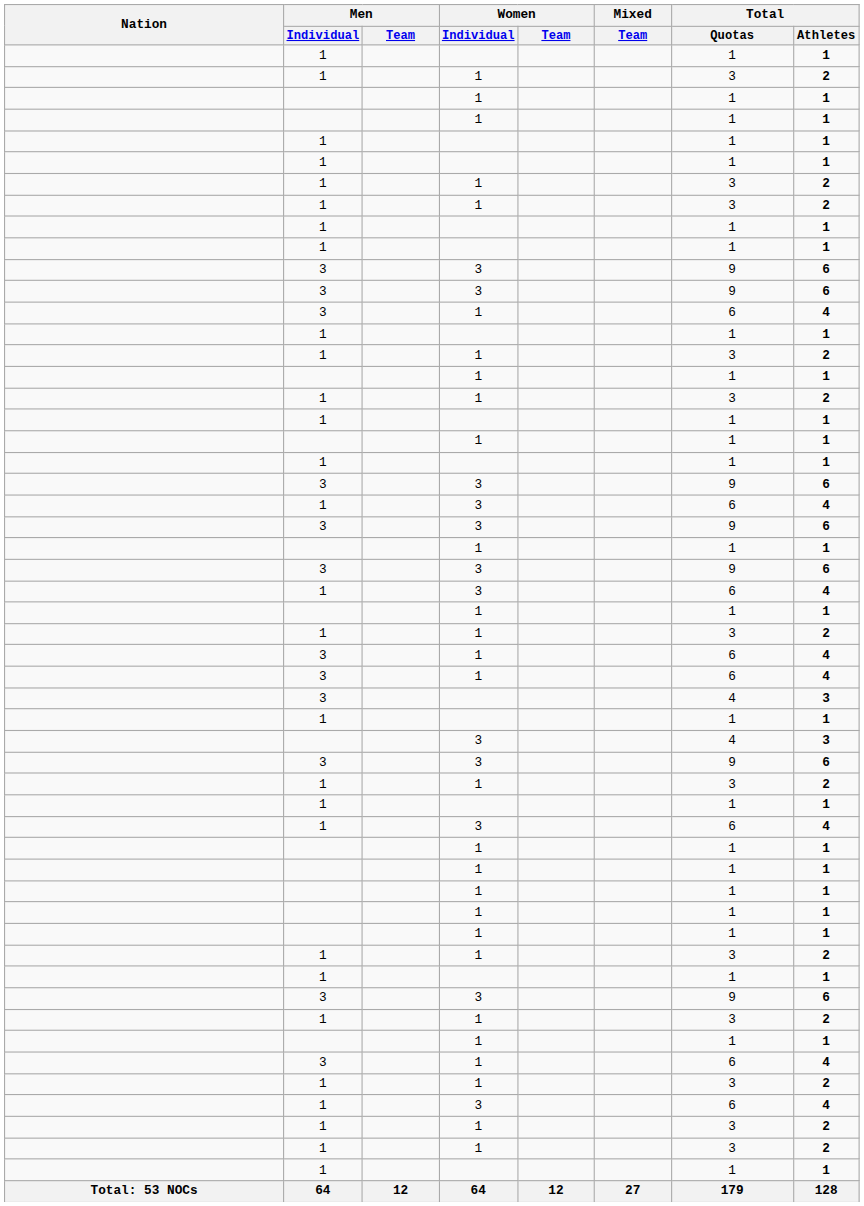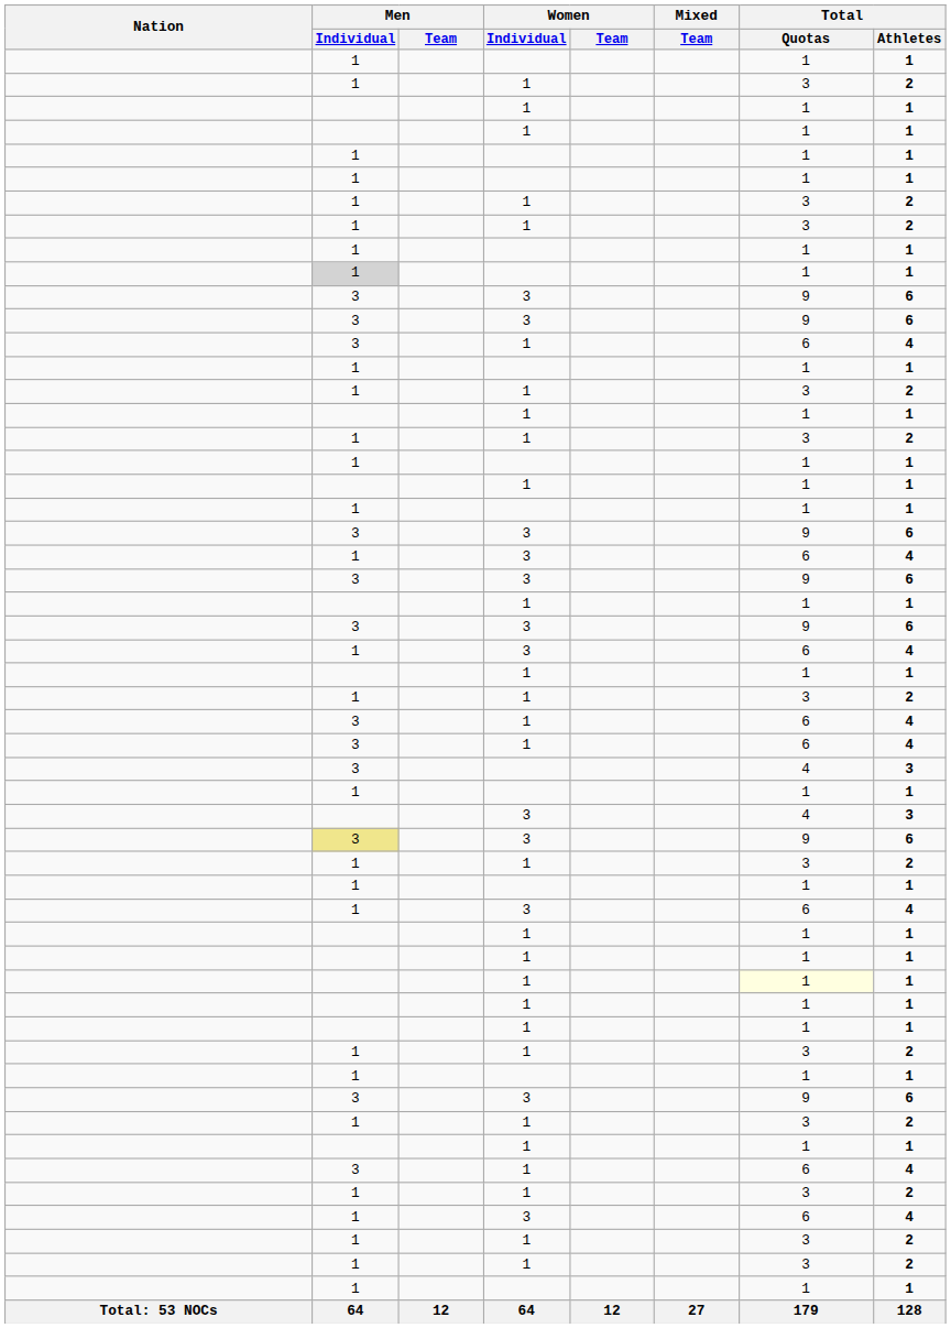 <table class="wikitable sortable" style="text-align:center; font-size:90%" width=785>
 <tr>
 <th rowspan="2" style="text-align:center;">Nation</th>
 <th colspan="2">Men</th>
 <th colspan="2">Women</th>
 <th>Mixed</th>
 <th colspan="2">Total</th>
 </tr>
 <tr style="font-size: 95%;">
 <th width=65><a href='#'>Individual</a></th>
 <th width=65><a href='#'>Team</a></th>
 <th width=65><a href='#'>Individual</a></th>
 <th width=65><a href='#'>Team</a></th>
 <th width=65><a href='#'>Team</a></th>
 <th>Quotas</th>
 <th width="55">Athletes</th>
 </tr>
 <tr>
 <td align=left></td>
 <td>1</td>
 <td></td>
 <td></td>
 <td></td>
 <td></td>
 <td>1</td>
 <td><strong>1</strong></td>
 </tr>
 <tr>
 <td align=left></td>
 <td>1</td>
 <td></td>
 <td>1</td>
 <td></td>
 <td></td>
 <td>3</td>
 <td><strong>2</strong></td>
 </tr>
 <tr>
 <td align=left></td>
 <td></td>
 <td></td>
 <td>1</td>
 <td></td>
 <td></td>
 <td>1</td>
 <td><strong>1</strong></td>
 </tr>
 <tr>
 <td align=left></td>
 <td></td>
 <td></td>
 <td>1</td>
 <td></td>
 <td></td>
 <td>1</td>
 <td><strong>1</strong></td>
 </tr>
 <tr>
 <td align=left></td>
 <td>1</td>
 <td></td>
 <td></td>
 <td></td>
 <td></td>
 <td>1</td>
 <td><strong>1</strong></td>
 </tr>
 <tr>
 <td align=left></td>
 <td>1</td>
 <td></td>
 <td></td>
 <td></td>
 <td></td>
 <td>1</td>
 <td><strong>1</strong></td>
 </tr>
 <tr>
 <td align=left></td>
 <td>1</td>
 <td></td>
 <td>1</td>
 <td></td>
 <td></td>
 <td>3</td>
 <td><strong>2</strong></td>
 </tr>
 <tr>
 <td align=left></td>
 <td>1</td>
 <td></td>
 <td>1</td>
 <td></td>
 <td></td>
 <td>3</td>
 <td><strong>2</strong></td>
 </tr>
 <tr>
 <td align=left></td>
 <td>1</td>
 <td></td>
 <td></td>
 <td></td>
 <td></td>
 <td>1</td>
 <td><strong>1</strong></td>
 </tr>
 <tr>
 <td align=left></td>
-<td>1</td>
+<td style="background: lightgrey;">1</td>
 <td></td>
 <td></td>
 <td></td>
 <td></td>
 <td>1</td>
 <td><strong>1</strong></td>
 </tr>
 <tr>
 <td align=left></td>
 <td>3</td>
 <td></td>
 <td>3</td>
 <td></td>
 <td></td>
 <td>9</td>
 <td><strong>6</strong></td>
 </tr>
 <tr>
 <td align=left></td>
 <td>3</td>
 <td></td>
 <td>3</td>
 <td></td>
 <td></td>
 <td>9</td>
 <td><strong>6</strong></td>
 </tr>
 <tr>
 <td align=left></td>
 <td>3</td>
 <td></td>
 <td>1</td>
 <td></td>
 <td></td>
 <td>6</td>
 <td><strong>4</strong></td>
 </tr>
 <tr>
 <td align=left></td>
 <td>1</td>
 <td></td>
 <td></td>
 <td></td>
 <td></td>
 <td>1</td>
 <td><strong>1</strong></td>
 </tr>
 <tr>
 <td align=left></td>
 <td>1</td>
 <td></td>
 <td>1</td>
 <td></td>
 <td></td>
 <td>3</td>
 <td><strong>2</strong></td>
 </tr>
 <tr>
 <td align=left></td>
 <td></td>
 <td></td>
 <td>1</td>
 <td></td>
 <td></td>
 <td>1</td>
 <td><strong>1</strong></td>
 </tr>
 <tr>
 <td align=left></td>
 <td>1</td>
 <td></td>
 <td>1</td>
 <td></td>
 <td></td>
 <td>3</td>
 <td><strong>2</strong></td>
 </tr>
 <tr>
 <td align=left></td>
 <td>1</td>
 <td></td>
 <td></td>
 <td></td>
 <td></td>
 <td>1</td>
 <td><strong>1</strong></td>
 </tr>
 <tr>
 <td align=left></td>
 <td></td>
 <td></td>
 <td>1</td>
 <td></td>
 <td></td>
 <td>1</td>
 <td><strong>1</strong></td>
 </tr>
 <tr>
 <td align=left></td>
 <td>1</td>
 <td></td>
 <td></td>
 <td></td>
 <td></td>
 <td>1</td>
 <td><strong>1</strong></td>
 </tr>
 <tr>
 <td align=left></td>
 <td>3</td>
 <td></td>
 <td>3</td>
 <td></td>
 <td></td>
 <td>9</td>
 <td><strong>6</strong></td>
 </tr>
 <tr>
 <td align=left></td>
 <td>1</td>
 <td></td>
 <td>3</td>
 <td></td>
 <td></td>
 <td>6</td>
 <td><strong>4</strong></td>
 </tr>
 <tr>
 <td align=left></td>
 <td>3</td>
 <td></td>
 <td>3</td>
 <td></td>
 <td></td>
 <td>9</td>
 <td><strong>6</strong></td>
 </tr>
 <tr>
 <td align=left></td>
 <td></td>
 <td></td>
 <td>1</td>
 <td></td>
 <td></td>
 <td>1</td>
 <td><strong>1</strong></td>
 </tr>
 <tr>
 <td align=left></td>
 <td>3</td>
 <td></td>
 <td>3</td>
 <td></td>
 <td></td>
 <td>9</td>
 <td><strong>6</strong></td>
 </tr>
 <tr>
 <td align=left></td>
 <td>1</td>
 <td></td>
 <td>3</td>
 <td></td>
 <td></td>
 <td>6</td>
 <td><strong>4</strong></td>
 </tr>
 <tr>
 <td align=left></td>
 <td></td>
 <td></td>
 <td>1</td>
 <td></td>
 <td></td>
 <td>1</td>
 <td><strong>1</strong></td>
 </tr>
 <tr>
 <td align=left></td>
 <td>1</td>
 <td></td>
 <td>1</td>
 <td></td>
 <td></td>
 <td>3</td>
 <td><strong>2</strong></td>
 </tr>
 <tr>
 <td align=left></td>
 <td>3</td>
 <td></td>
 <td>1</td>
 <td></td>
 <td></td>
 <td>6</td>
 <td><strong>4</strong></td>
 </tr>
 <tr>
 <td align=left></td>
 <td>3</td>
 <td></td>
 <td>1</td>
 <td></td>
 <td></td>
 <td>6</td>
 <td><strong>4</strong></td>
 </tr>
 <tr>
 <td align=left></td>
 <td>3</td>
 <td></td>
 <td></td>
 <td></td>
 <td></td>
 <td>4</td>
 <td><strong>3</strong></td>
 </tr>
 <tr>
 <td align=left></td>
 <td>1</td>
 <td></td>
 <td></td>
 <td></td>
 <td></td>
 <td>1</td>
 <td><strong>1</strong></td>
 </tr>
 <tr>
 <td align=left></td>
 <td></td>
 <td></td>
 <td>3</td>
 <td></td>
 <td></td>
 <td>4</td>
 <td><strong>3</strong></td>
 </tr>
 <tr>
 <td align=left></td>
-<td>3</td>
+<td style="background: khaki;">3</td>
 <td></td>
 <td>3</td>
 <td></td>
 <td></td>
 <td>9</td>
 <td><strong>6</strong></td>
 </tr>
 <tr>
 <td align=left></td>
 <td>1</td>
 <td></td>
 <td>1</td>
 <td></td>
 <td></td>
 <td>3</td>
 <td><strong>2</strong></td>
 </tr>
 <tr>
 <td align=left></td>
 <td>1</td>
 <td></td>
 <td></td>
 <td></td>
 <td></td>
 <td>1</td>
 <td><strong>1</strong></td>
 </tr>
 <tr>
 <td align=left></td>
 <td>1</td>
 <td></td>
 <td>3</td>
 <td></td>
 <td></td>
 <td>6</td>
 <td><strong>4</strong></td>
 </tr>
 <tr>
 <td align=left></td>
 <td></td>
 <td></td>
 <td>1</td>
 <td></td>
 <td></td>
 <td>1</td>
 <td><strong>1</strong></td>
 </tr>
 <tr>
 <td align=left></td>
 <td></td>
 <td></td>
 <td>1</td>
 <td></td>
 <td></td>
 <td>1</td>
 <td><strong>1</strong></td>
 </tr>
 <tr>
 <td align=left></td>
 <td></td>
 <td></td>
 <td>1</td>
 <td></td>
 <td></td>
-<td>1</td>
+<td style="background: lightyellow;">1</td>
 <td><strong>1</strong></td>
 </tr>
 <tr>
 <td align=left></td>
 <td></td>
 <td></td>
 <td>1</td>
 <td></td>
 <td></td>
 <td>1</td>
 <td><strong>1</strong></td>
 </tr>
 <tr>
 <td align=left></td>
 <td></td>
 <td></td>
 <td>1</td>
 <td></td>
 <td></td>
 <td>1</td>
 <td><strong>1</strong></td>
 </tr>
 <tr>
 <td align=left></td>
 <td>1</td>
 <td></td>
 <td>1</td>
 <td></td>
 <td></td>
 <td>3</td>
 <td><strong>2</strong></td>
 </tr>
 <tr>
 <td align=left></td>
 <td>1</td>
 <td></td>
 <td></td>
 <td></td>
 <td></td>
 <td>1</td>
 <td><strong>1</strong></td>
 </tr>
 <tr>
 <td align=left></td>
 <td>3</td>
 <td></td>
 <td>3</td>
 <td></td>
 <td></td>
 <td>9</td>
 <td><strong>6</strong></td>
 </tr>
 <tr>
 <td align=left></td>
 <td>1</td>
 <td></td>
 <td>1</td>
 <td></td>
 <td></td>
 <td>3</td>
 <td><strong>2</strong></td>
 </tr>
 <tr>
 <td align=left></td>
 <td></td>
 <td></td>
 <td>1</td>
 <td></td>
 <td></td>
 <td>1</td>
 <td><strong>1</strong></td>
 </tr>
 <tr>
 <td align=left></td>
 <td>3</td>
 <td></td>
 <td>1</td>
 <td></td>
 <td></td>
 <td>6</td>
 <td><strong>4</strong></td>
 </tr>
 <tr>
 <td align=left></td>
 <td>1</td>
 <td></td>
 <td>1</td>
 <td></td>
 <td></td>
 <td>3</td>
 <td><strong>2</strong></td>
 </tr>
 <tr>
 <td align=left></td>
 <td>1</td>
 <td></td>
 <td>3</td>
 <td></td>
 <td></td>
 <td>6</td>
 <td><strong>4</strong></td>
 </tr>
 <tr>
 <td align=left></td>
 <td>1</td>
 <td></td>
 <td>1</td>
 <td></td>
 <td></td>
 <td>3</td>
 <td><strong>2</strong></td>
 </tr>
 <tr>
 <td align=left></td>
 <td>1</td>
 <td></td>
 <td>1</td>
 <td></td>
 <td></td>
 <td>3</td>
 <td><strong>2</strong></td>
 </tr>
 <tr>
 <td align=left></td>
 <td>1</td>
 <td></td>
 <td></td>
 <td></td>
 <td></td>
 <td>1</td>
 <td><strong>1</strong></td>
 </tr>
 <tr>
 <th>Total: 53 NOCs</th>
 <th>64</th>
 <th>12</th>
 <th>64</th>
 <th>12</th>
 <th>27</th>
 <th>179</th>
 <th>128</th>
 </tr>
 </table>
